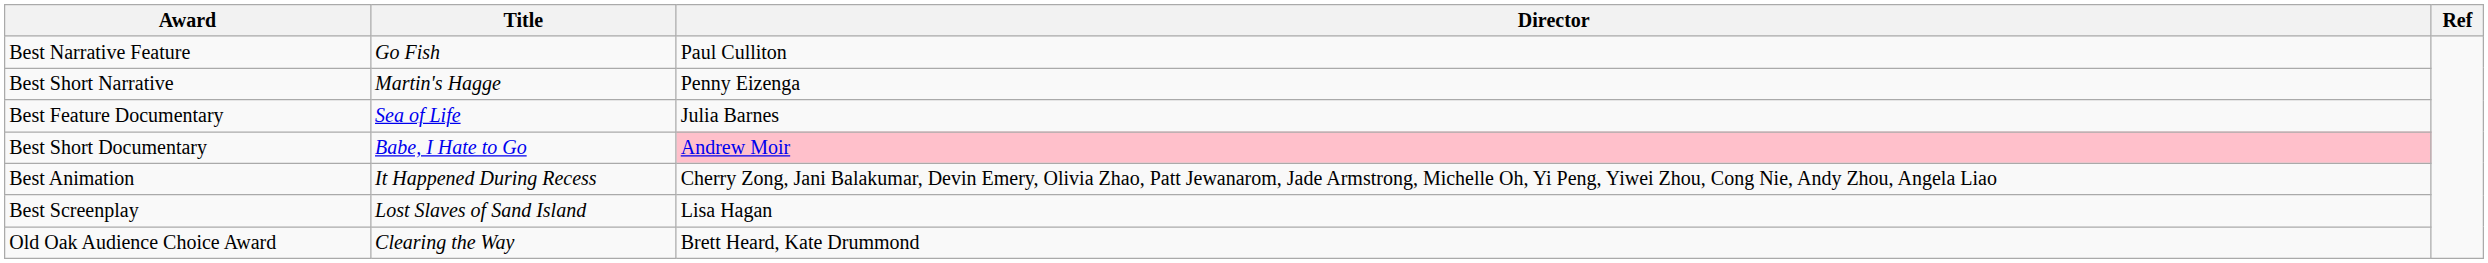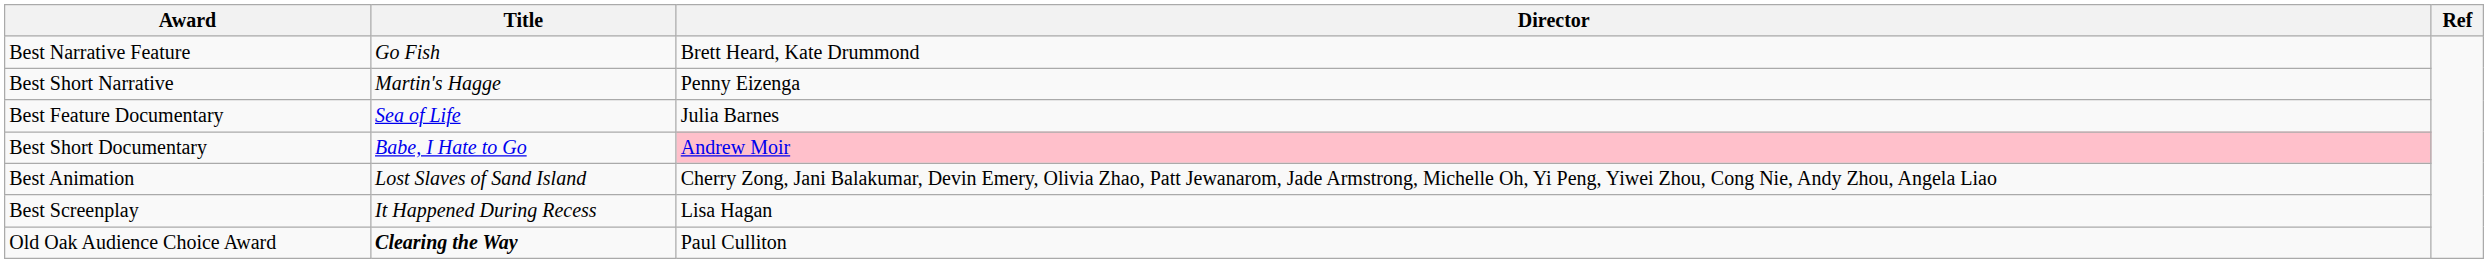 <table class="wikitable" width=100%>
 <tr>
 <th>Award</th>
 <th>Title</th>
 <th>Director</th>
 <th>Ref</th>
 </tr>
 <tr>
 <td>Best Narrative Feature</td>
 <td><em>Go Fish</em></td>
-<td>Paul Culliton</td>
+<td>Brett Heard, Kate Drummond</td>
 <td rowspan=7></td>
 </tr>
 <tr>
 <td>Best Short Narrative</td>
 <td><em>Martin's Hagge</em></td>
 <td>Penny Eizenga</td>
 </tr>
 <tr>
 <td>Best Feature Documentary</td>
 <td><em><a href='#'>Sea of Life</a></em></td>
 <td>Julia Barnes</td>
 </tr>
 <tr>
 <td>Best Short Documentary</td>
 <td><em><a href='#'>Babe, I Hate to Go</a></em></td>
 <td style="background: pink;"><a href='#'>Andrew Moir</a></td>
 </tr>
 <tr>
 <td>Best Animation</td>
-<td><em>It Happened During Recess</em></td>
+<td><em>Lost Slaves of Sand Island</em></td>
 <td>Cherry Zong, Jani Balakumar, Devin Emery, Olivia Zhao, Patt Jewanarom, Jade Armstrong, Michelle Oh, Yi Peng, Yiwei Zhou, Cong Nie, Andy Zhou, Angela Liao</td>
 </tr>
 <tr>
 <td>Best Screenplay</td>
-<td><em>Lost Slaves of Sand Island</em></td>
+<td><em>It Happened During Recess</em></td>
 <td>Lisa Hagan</td>
 </tr>
 <tr>
 <td>Old Oak Audience Choice Award</td>
-<td><em>Clearing the Way</em></td>
-<td>Brett Heard, Kate Drummond</td>
+<td><strong><em>Clearing the Way</em></strong></td>
+<td>Paul Culliton</td>
 </tr>
 </table>
